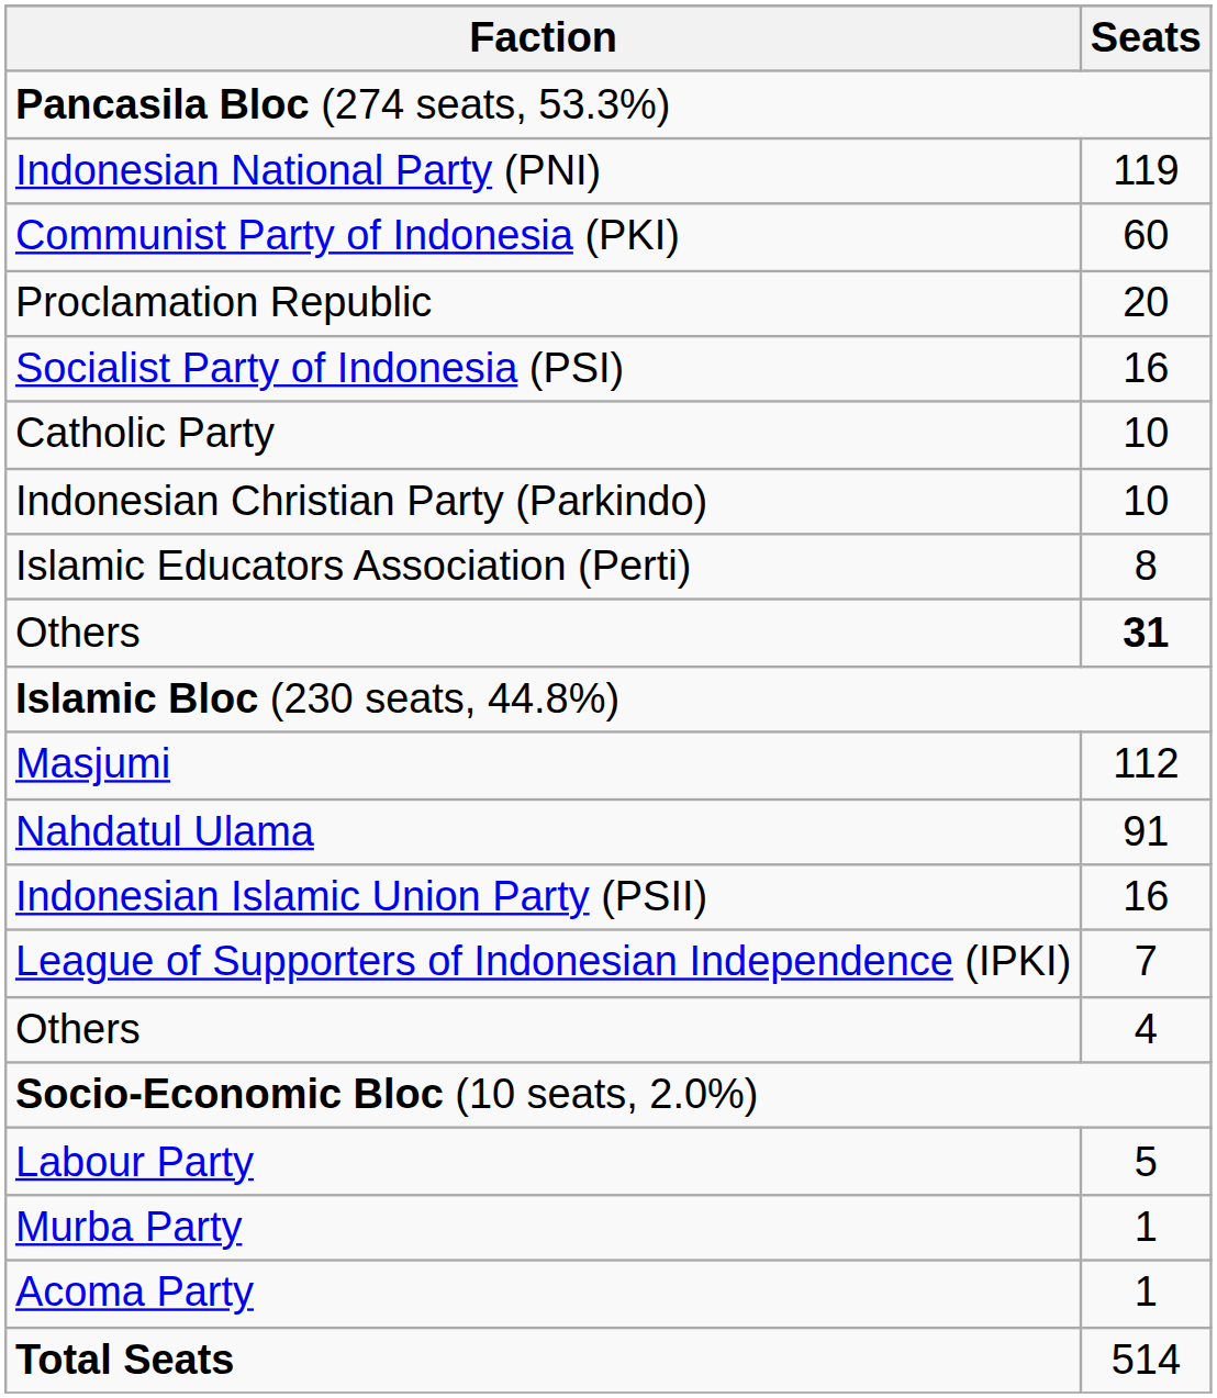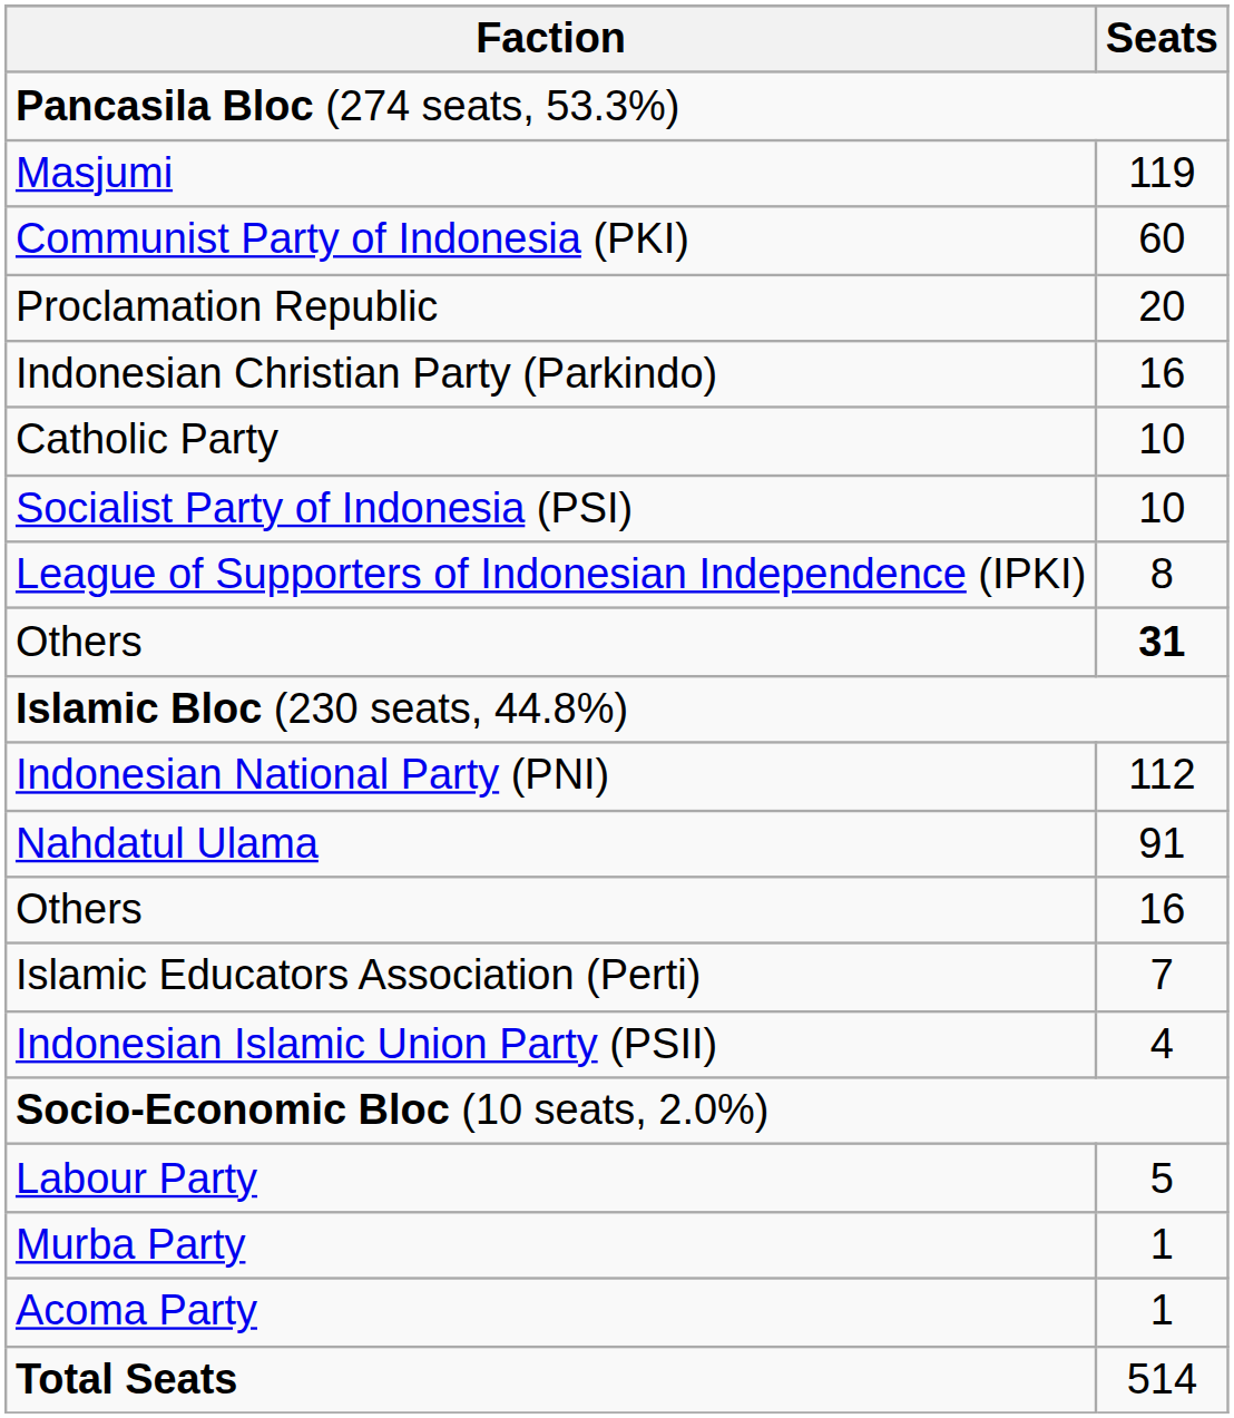 <table class="wikitable">
 <tr>
 </tr>
 <tr>
 <th>Faction</th>
 <th>Seats</th>
 </tr>
 <tr>
 <td colspan="2" align="left"><strong>Pancasila Bloc</strong> (274 seats, 53.3%)</td>
 </tr>
 <tr>
-<td align=left><a href='#'>Indonesian National Party</a> (PNI)</td>
+<td align=left><a href='#'>Masjumi</a></td>
 <td align="center">119</td>
 </tr>
 <tr>
 <td align=left><a href='#'>Communist Party of Indonesia</a> (PKI)</td>
 <td align="center">60</td>
 </tr>
 <tr>
 <td align=left>Proclamation Republic</td>
 <td align="center">20</td>
 </tr>
 <tr>
-<td align=left><a href='#'>Socialist Party of Indonesia</a> (PSI)</td>
+<td align=left>Indonesian Christian Party (Parkindo)</td>
 <td align="center">16</td>
 </tr>
 <tr>
 <td align=left>Catholic Party</td>
 <td align="center">10</td>
 </tr>
 <tr>
-<td align=left>Indonesian Christian Party (Parkindo)</td>
+<td align=left><a href='#'>Socialist Party of Indonesia</a> (PSI)</td>
 <td align="center">10</td>
 </tr>
 <tr>
-<td align=left>Islamic Educators Association (Perti)</td>
+<td align=left><a href='#'>League of Supporters of Indonesian Independence</a> (IPKI)</td>
 <td align="center">8</td>
 </tr>
 <tr>
 <td align=left>Others</td>
 <td align="center"><strong>31</strong></td>
 </tr>
 <tr>
 <td colspan="2" align="left"><strong>Islamic Bloc</strong> (230 seats, 44.8%)</td>
 </tr>
 <tr>
-<td align=left><a href='#'>Masjumi</a></td>
+<td align=left><a href='#'>Indonesian National Party</a> (PNI)</td>
 <td align="center">112</td>
 </tr>
 <tr>
 <td align=left><a href='#'>Nahdatul Ulama</a></td>
 <td align="center">91</td>
 </tr>
 <tr>
-<td align=left><a href='#'>Indonesian Islamic Union Party</a> (PSII)</td>
+<td align=left>Others</td>
 <td align="center">16</td>
 </tr>
 <tr>
-<td align=left><a href='#'>League of Supporters of Indonesian Independence</a> (IPKI)</td>
+<td align=left>Islamic Educators Association (Perti)</td>
 <td align="center">7</td>
 </tr>
 <tr>
-<td align=left>Others</td>
+<td align=left><a href='#'>Indonesian Islamic Union Party</a> (PSII)</td>
 <td align="center">4</td>
 </tr>
 <tr>
 <td colspan="2" align="left"><strong>Socio-Economic Bloc</strong> (10 seats, 2.0%)</td>
 </tr>
 <tr>
 <td align=left><a href='#'>Labour Party</a></td>
 <td align="center">5</td>
 </tr>
 <tr>
 <td align=left><a href='#'>Murba Party</a></td>
 <td align="center">1</td>
 </tr>
 <tr>
 <td align=left><a href='#'>Acoma Party</a></td>
 <td align="center">1</td>
 </tr>
 <tr>
 <td align=left><strong>Total Seats</strong></td>
 <td align="center">514</td>
 </tr>
 </table>
